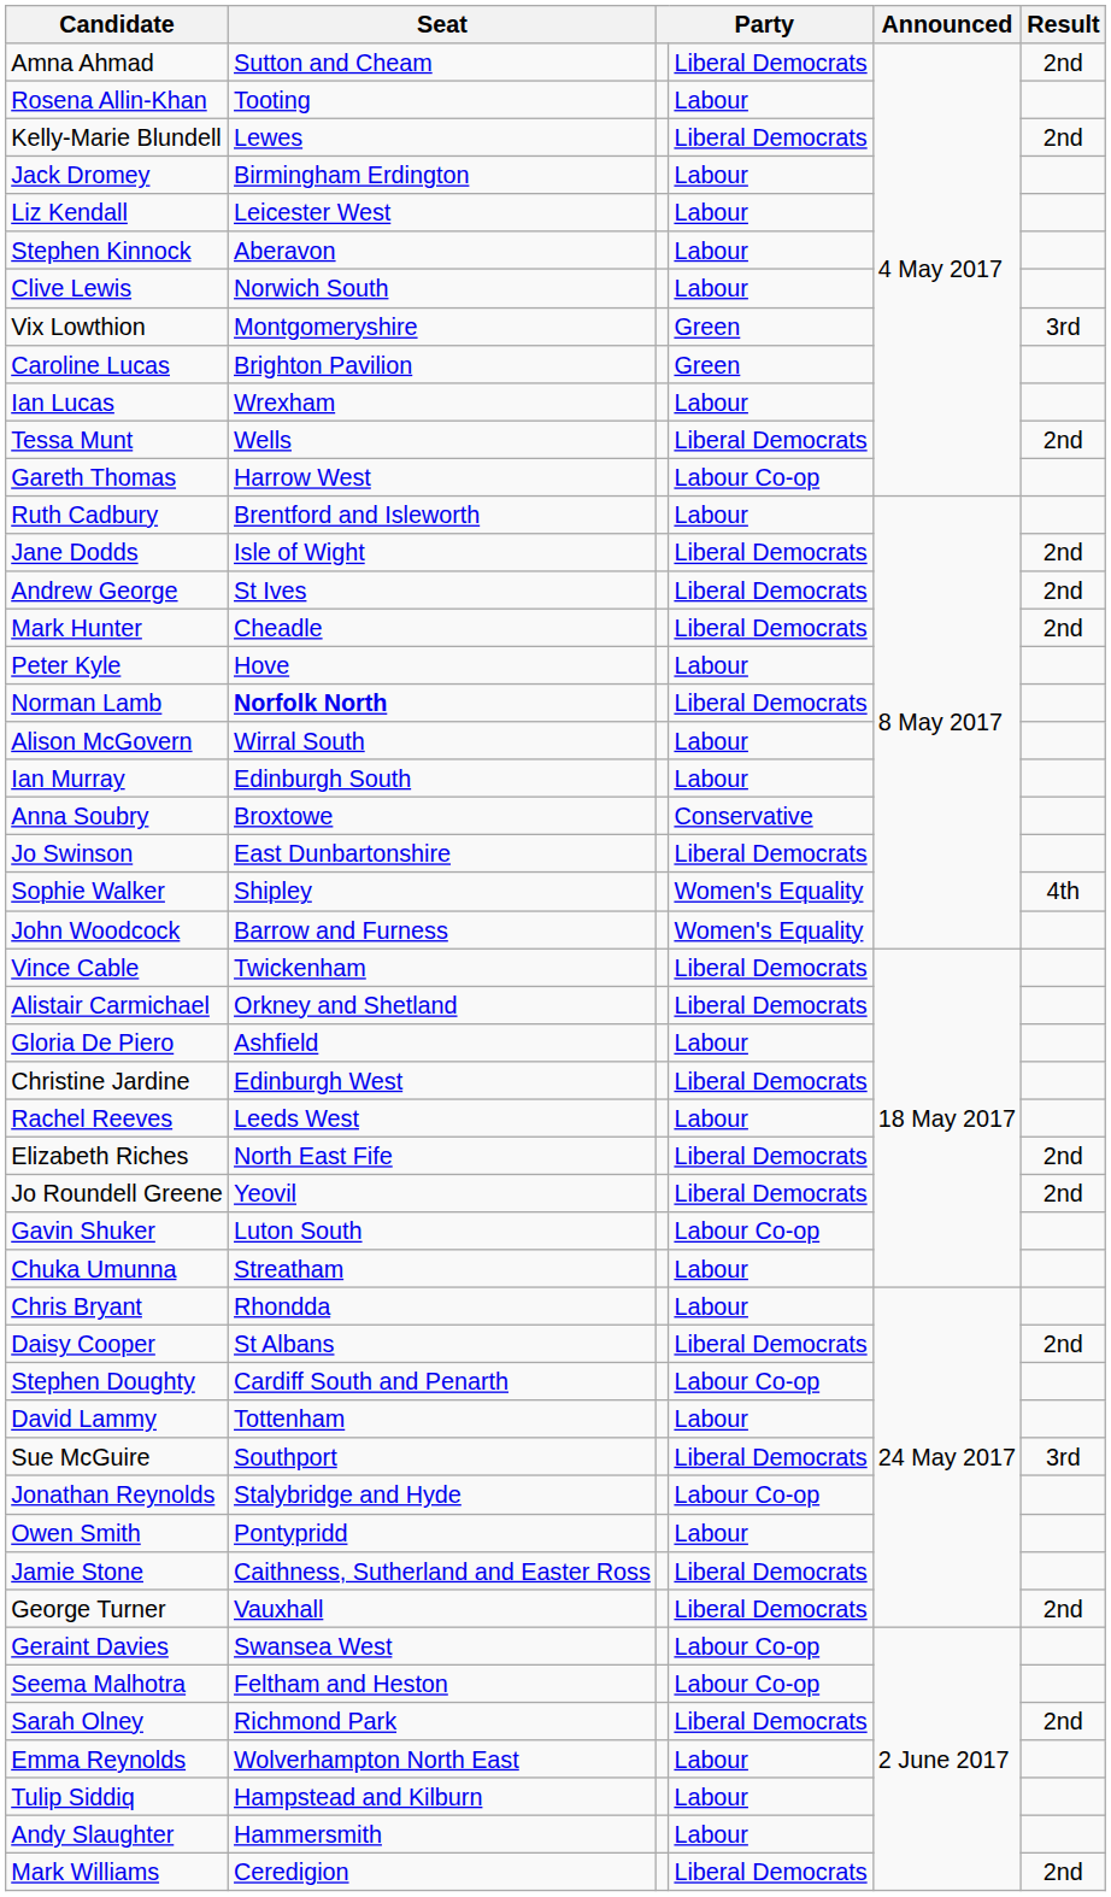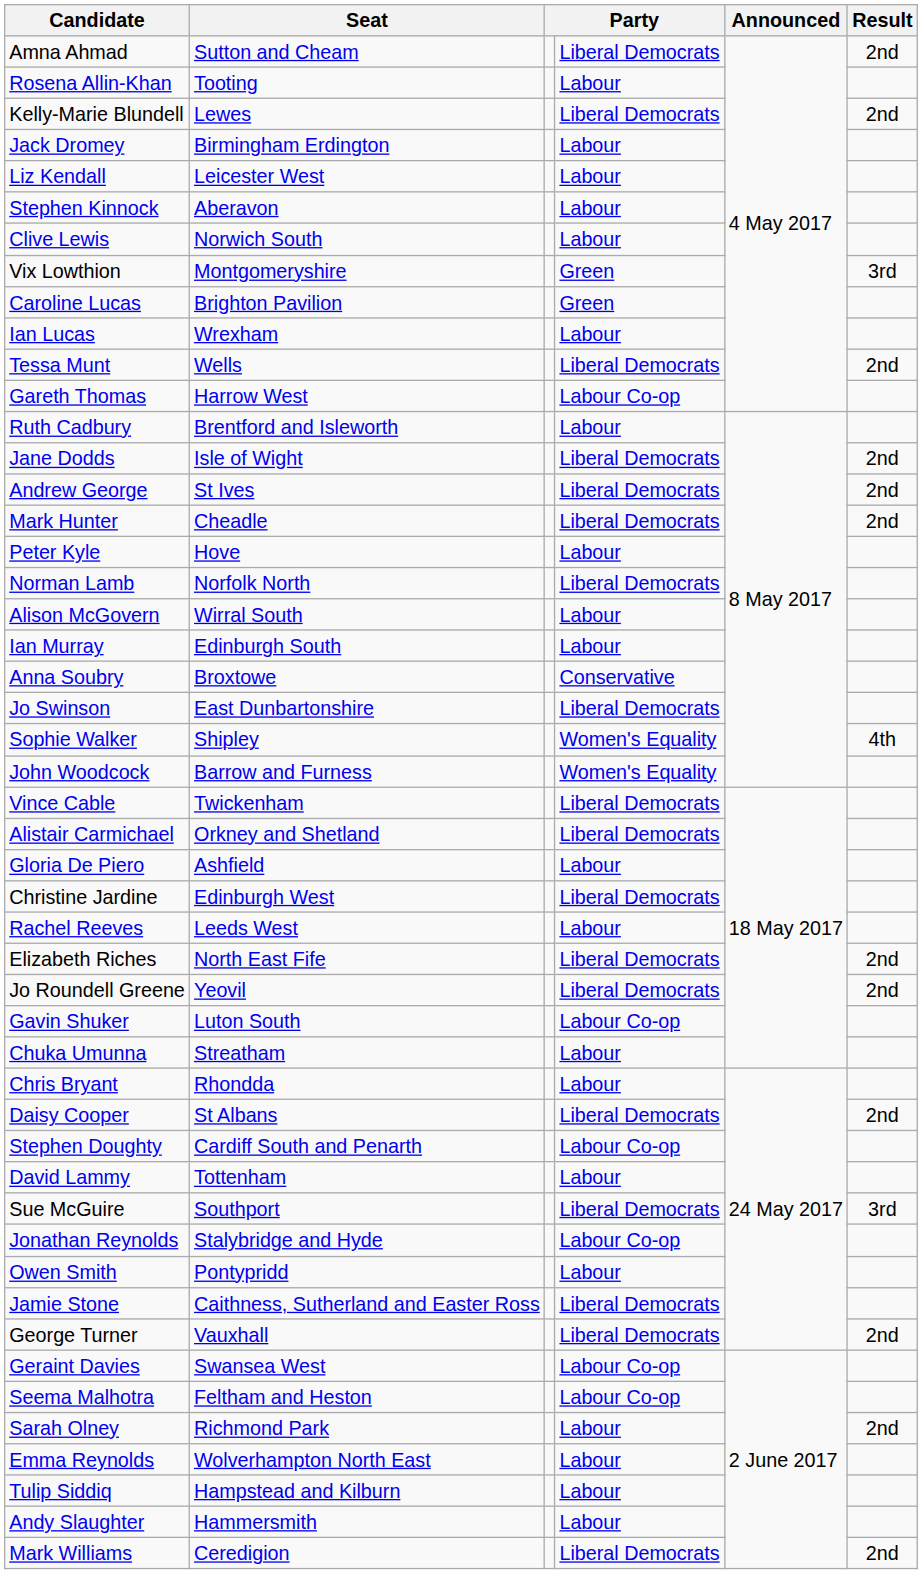 <table class="wikitable sortable" style="font-size:95%;">
 <tr>
 <th scope="col">Candidate</th>
 <th scope="col">Seat</th>
 <th colspan="2" scope="col">Party</th>
 <th scope="col">Announced</th>
 <th scope="col">Result</th>
 </tr>
 <tr>
 <td>Amna Ahmad</td>
 <td><a href='#'>Sutton and Cheam</a></td>
 <td width="1" style="color:inherit;background:"></td>
 <td><a href='#'>Liberal Democrats</a></td>
 <td rowspan="12">4 May 2017</td>
 <td align=center>2nd</td>
 </tr>
 <tr>
 <td><a href='#'>Rosena Allin-Khan</a></td>
 <td><a href='#'>Tooting</a></td>
 <td width="1" style="color:inherit;background:"></td>
 <td><a href='#'>Labour</a></td>
 <td align=center></td>
 </tr>
 <tr>
 <td>Kelly-Marie Blundell</td>
 <td><a href='#'>Lewes</a></td>
 <td width="1" style="color:inherit;background:"></td>
 <td><a href='#'>Liberal Democrats</a></td>
 <td align=center>2nd</td>
 </tr>
 <tr>
 <td><a href='#'>Jack Dromey</a></td>
 <td><a href='#'>Birmingham Erdington</a></td>
 <td width="1" style="color:inherit;background:"></td>
 <td><a href='#'>Labour</a></td>
 <td align=center></td>
 </tr>
 <tr>
 <td><a href='#'>Liz Kendall</a></td>
 <td><a href='#'>Leicester West</a></td>
 <td width="1" style="color:inherit;background:"></td>
 <td><a href='#'>Labour</a></td>
 <td align=center></td>
 </tr>
 <tr>
 <td><a href='#'>Stephen Kinnock</a></td>
 <td><a href='#'>Aberavon</a></td>
 <td width="1" style="color:inherit;background:"></td>
 <td><a href='#'>Labour</a></td>
 <td align=center></td>
 </tr>
 <tr>
 <td><a href='#'>Clive Lewis</a></td>
 <td><a href='#'>Norwich South</a></td>
 <td width="1" style="color:inherit;background:"></td>
 <td><a href='#'>Labour</a></td>
 <td align=center></td>
 </tr>
 <tr>
 <td>Vix Lowthion</td>
 <td><a href='#'>Montgomeryshire</a></td>
 <td width="1" style="color:inherit;background:"></td>
 <td><a href='#'>Green</a></td>
 <td align=center>3rd</td>
 </tr>
 <tr>
 <td><a href='#'>Caroline Lucas</a></td>
 <td><a href='#'>Brighton Pavilion</a></td>
 <td width="1" style="color:inherit;background:"></td>
 <td><a href='#'>Green</a></td>
 <td align=center></td>
 </tr>
 <tr>
 <td><a href='#'>Ian Lucas</a></td>
 <td><a href='#'>Wrexham</a></td>
 <td width="1" style="color:inherit;background:"></td>
 <td><a href='#'>Labour</a></td>
 <td align=center></td>
 </tr>
 <tr>
 <td><a href='#'>Tessa Munt</a></td>
 <td><a href='#'>Wells</a></td>
 <td width="1" style="color:inherit;background:"></td>
 <td><a href='#'>Liberal Democrats</a></td>
 <td align=center>2nd</td>
 </tr>
 <tr>
 <td><a href='#'>Gareth Thomas</a></td>
 <td><a href='#'>Harrow West</a></td>
 <td width="1" style="color:inherit;background:"></td>
 <td><a href='#'>Labour Co-op</a></td>
 <td align=center></td>
 </tr>
 <tr>
 <td><a href='#'>Ruth Cadbury</a></td>
 <td><a href='#'>Brentford and Isleworth</a></td>
 <td width="1" style="color:inherit;background:"></td>
 <td><a href='#'>Labour</a></td>
 <td rowspan="12">8 May 2017</td>
 <td align=center></td>
 </tr>
 <tr>
 <td><a href='#'>Jane Dodds</a></td>
 <td><a href='#'>Isle of Wight</a></td>
 <td width="1" style="color:inherit;background:"></td>
 <td><a href='#'>Liberal Democrats</a></td>
 <td align=center>2nd</td>
 </tr>
 <tr>
 <td><a href='#'>Andrew George</a></td>
 <td><a href='#'>St Ives</a></td>
 <td width="1" style="color:inherit;background:"></td>
 <td><a href='#'>Liberal Democrats</a></td>
 <td align=center>2nd</td>
 </tr>
 <tr>
 <td><a href='#'>Mark Hunter</a></td>
 <td><a href='#'>Cheadle</a></td>
 <td width="1" style="color:inherit;background:"></td>
 <td><a href='#'>Liberal Democrats</a></td>
 <td align=center>2nd</td>
 </tr>
 <tr>
 <td><a href='#'>Peter Kyle</a></td>
 <td><a href='#'>Hove</a></td>
 <td width="1" style="color:inherit;background:"></td>
 <td><a href='#'>Labour</a></td>
 <td align=center></td>
 </tr>
 <tr>
 <td><a href='#'>Norman Lamb</a></td>
-<td><strong><a href='#'>Norfolk North</a></strong></td>
+<td><a href='#'>Norfolk North</a></td>
 <td width="1" style="color:inherit;background:"></td>
 <td><a href='#'>Liberal Democrats</a></td>
 <td align=center></td>
 </tr>
 <tr>
 <td><a href='#'>Alison McGovern</a></td>
 <td><a href='#'>Wirral South</a></td>
 <td width="1" style="color:inherit;background:"></td>
 <td><a href='#'>Labour</a></td>
 <td align=center></td>
 </tr>
 <tr>
 <td><a href='#'>Ian Murray</a></td>
 <td><a href='#'>Edinburgh South</a></td>
 <td width="1" style="color:inherit;background:"></td>
 <td><a href='#'>Labour</a></td>
 <td align=center></td>
 </tr>
 <tr>
 <td><a href='#'>Anna Soubry</a></td>
 <td><a href='#'>Broxtowe</a></td>
 <td width="1" style="color:inherit;background:"></td>
 <td><a href='#'>Conservative</a></td>
 <td align=center></td>
 </tr>
 <tr>
 <td><a href='#'>Jo Swinson</a></td>
 <td><a href='#'>East Dunbartonshire</a></td>
 <td width="1" style="color:inherit;background:"></td>
 <td><a href='#'>Liberal Democrats</a></td>
 <td align=center></td>
 </tr>
 <tr>
 <td><a href='#'>Sophie Walker</a></td>
 <td><a href='#'>Shipley</a></td>
 <td width="1" style="color:inherit;background:"></td>
 <td><a href='#'>Women's Equality</a></td>
 <td align=center>4th</td>
 </tr>
 <tr>
 <td><a href='#'>John Woodcock</a></td>
 <td><a href='#'>Barrow and Furness</a></td>
 <td width="1" style="color:inherit;background:"></td>
 <td><a href='#'>Women's Equality</a></td>
 <td align=center></td>
 </tr>
 <tr>
 <td><a href='#'>Vince Cable</a></td>
 <td><a href='#'>Twickenham</a></td>
 <td width="1" style="color:inherit;background:"></td>
 <td><a href='#'>Liberal Democrats</a></td>
 <td rowspan="9">18 May 2017</td>
 <td align=center></td>
 </tr>
 <tr>
 <td><a href='#'>Alistair Carmichael</a></td>
 <td><a href='#'>Orkney and Shetland</a></td>
 <td width="1" style="color:inherit;background:"></td>
 <td><a href='#'>Liberal Democrats</a></td>
 <td align=center></td>
 </tr>
 <tr>
 <td><a href='#'>Gloria De Piero</a></td>
 <td><a href='#'>Ashfield</a></td>
 <td width="1" style="color:inherit;background:"></td>
 <td><a href='#'>Labour</a></td>
 <td align=center></td>
 </tr>
 <tr>
 <td>Christine Jardine</td>
 <td><a href='#'>Edinburgh West</a></td>
 <td width="1" style="color:inherit;background:"></td>
 <td><a href='#'>Liberal Democrats</a></td>
 <td align=center></td>
 </tr>
 <tr>
 <td><a href='#'>Rachel Reeves</a></td>
 <td><a href='#'>Leeds West</a></td>
 <td width="1" style="color:inherit;background:"></td>
 <td><a href='#'>Labour</a></td>
 <td align=center></td>
 </tr>
 <tr>
 <td>Elizabeth Riches</td>
 <td><a href='#'>North East Fife</a></td>
 <td width="1" style="color:inherit;background:"></td>
 <td><a href='#'>Liberal Democrats</a></td>
 <td align=center>2nd</td>
 </tr>
 <tr>
 <td>Jo Roundell Greene</td>
 <td><a href='#'>Yeovil</a></td>
 <td width="1" style="color:inherit;background:"></td>
 <td><a href='#'>Liberal Democrats</a></td>
 <td align=center>2nd</td>
 </tr>
 <tr>
 <td><a href='#'>Gavin Shuker</a></td>
 <td><a href='#'>Luton South</a></td>
 <td width="1" style="color:inherit;background:"></td>
 <td><a href='#'>Labour Co-op</a></td>
 <td align=center></td>
 </tr>
 <tr>
 <td><a href='#'>Chuka Umunna</a></td>
 <td><a href='#'>Streatham</a></td>
 <td width="1" style="color:inherit;background:"></td>
 <td><a href='#'>Labour</a></td>
 <td align=center></td>
 </tr>
 <tr>
 <td><a href='#'>Chris Bryant</a></td>
 <td><a href='#'>Rhondda</a></td>
 <td width="1" style="color:inherit;background:"></td>
 <td><a href='#'>Labour</a></td>
 <td rowspan="9">24 May 2017</td>
 <td align=center></td>
 </tr>
 <tr>
 <td><a href='#'>Daisy Cooper</a></td>
 <td><a href='#'>St Albans</a></td>
 <td width="1" style="color:inherit;background:"></td>
 <td><a href='#'>Liberal Democrats</a></td>
 <td align=center>2nd</td>
 </tr>
 <tr>
 <td><a href='#'>Stephen Doughty</a></td>
 <td><a href='#'>Cardiff South and Penarth</a></td>
 <td width="1" style="color:inherit;background:"></td>
 <td><a href='#'>Labour Co-op</a></td>
 <td align=center></td>
 </tr>
 <tr>
 <td><a href='#'>David Lammy</a></td>
 <td><a href='#'>Tottenham</a></td>
 <td width="1" style="color:inherit;background:"></td>
 <td><a href='#'>Labour</a></td>
 <td align=center></td>
 </tr>
 <tr>
 <td>Sue McGuire</td>
 <td><a href='#'>Southport</a></td>
 <td width="1" style="color:inherit;background:"></td>
 <td><a href='#'>Liberal Democrats</a></td>
 <td align=center>3rd</td>
 </tr>
 <tr>
 <td><a href='#'>Jonathan Reynolds</a></td>
 <td><a href='#'>Stalybridge and Hyde</a></td>
 <td width="1" style="color:inherit;background:"></td>
 <td><a href='#'>Labour Co-op</a></td>
 <td align=center></td>
 </tr>
 <tr>
 <td><a href='#'>Owen Smith</a></td>
 <td><a href='#'>Pontypridd</a></td>
 <td width="1" style="color:inherit;background:"></td>
 <td><a href='#'>Labour</a></td>
 <td align=center></td>
 </tr>
 <tr>
 <td><a href='#'>Jamie Stone</a></td>
 <td><a href='#'>Caithness, Sutherland and Easter Ross</a></td>
 <td width="1" style="color:inherit;background:"></td>
 <td><a href='#'>Liberal Democrats</a></td>
 <td align=center></td>
 </tr>
 <tr>
 <td>George Turner</td>
 <td><a href='#'>Vauxhall</a></td>
 <td width="1" style="color:inherit;background:"></td>
 <td><a href='#'>Liberal Democrats</a></td>
 <td align=center>2nd</td>
 </tr>
 <tr>
 <td><a href='#'>Geraint Davies</a></td>
 <td><a href='#'>Swansea West</a></td>
 <td width="1" style="color:inherit;background:"></td>
 <td><a href='#'>Labour Co-op</a></td>
 <td rowspan="7">2 June 2017</td>
 <td align=center></td>
 </tr>
 <tr>
 <td><a href='#'>Seema Malhotra</a></td>
 <td><a href='#'>Feltham and Heston</a></td>
 <td width="1" style="color:inherit;background:"></td>
 <td><a href='#'>Labour Co-op</a></td>
 <td align=center></td>
 </tr>
 <tr>
 <td><a href='#'>Sarah Olney</a></td>
 <td><a href='#'>Richmond Park</a></td>
 <td width="1" style="color:inherit;background:"></td>
-<td><a href='#'>Liberal Democrats</a></td>
+<td><a href='#'>Labour</a></td>
 <td align=center>2nd</td>
 </tr>
 <tr>
 <td><a href='#'>Emma Reynolds</a></td>
 <td><a href='#'>Wolverhampton North East</a></td>
 <td width="1" style="color:inherit;background:"></td>
 <td><a href='#'>Labour</a></td>
 <td align=center></td>
 </tr>
 <tr>
 <td><a href='#'>Tulip Siddiq</a></td>
 <td><a href='#'>Hampstead and Kilburn</a></td>
 <td width="1" style="color:inherit;background:"></td>
 <td><a href='#'>Labour</a></td>
 <td align=center></td>
 </tr>
 <tr>
 <td><a href='#'>Andy Slaughter</a></td>
 <td><a href='#'>Hammersmith</a></td>
 <td width="1" style="color:inherit;background:"></td>
 <td><a href='#'>Labour</a></td>
 <td align=center></td>
 </tr>
 <tr>
 <td><a href='#'>Mark Williams</a></td>
 <td><a href='#'>Ceredigion</a></td>
 <td width="1" style="color:inherit;background:"></td>
 <td><a href='#'>Liberal Democrats</a></td>
 <td align=center>2nd</td>
 </tr>
 </table>
